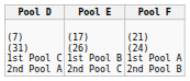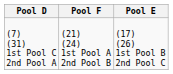 <table class="wikitable">
 <tr>
 <th width=33%>Pool D</th>
+<th width=33%>Pool F</th>
 <th width=33%>Pool E</th>
-<th width=33%>Pool F</th>
 </tr>
 <tr>
 <td><br> (7)<br>  (31)<br> 1st Pool C<br> 2nd Pool A</td>
+<td><br> (21)<br>  (24)<br> 1st Pool A<br> 2nd Pool B</td>
 <td><br> (17)<br>  (26)<br> 1st Pool B<br> 2nd Pool C</td>
-<td><br> (21)<br>  (24)<br> 1st Pool A<br> 2nd Pool B</td>
 </tr>
 </table>
